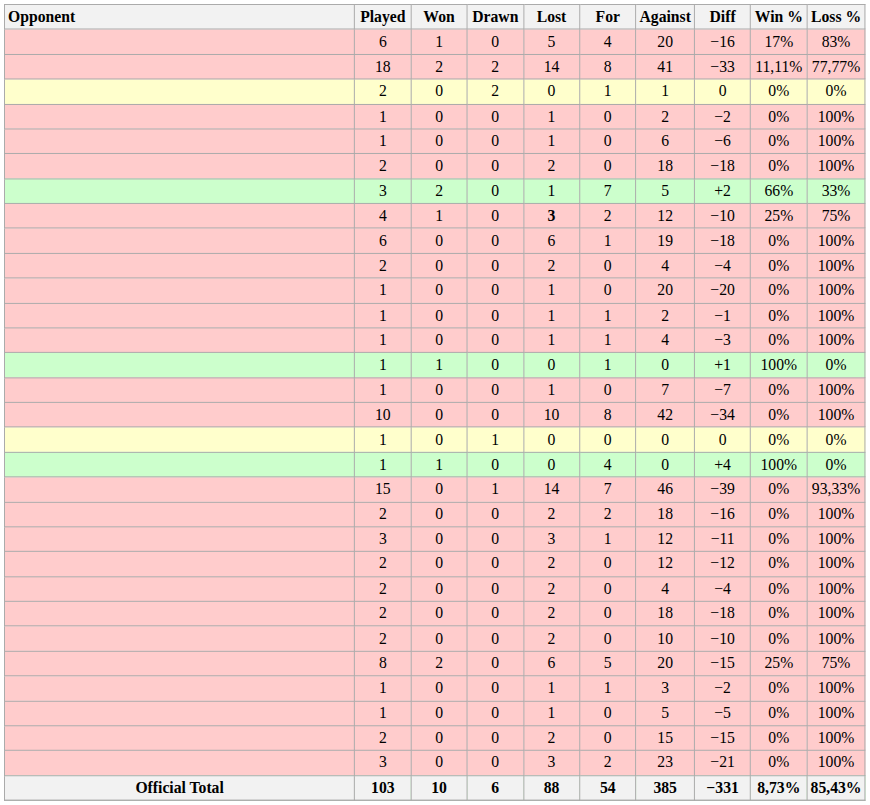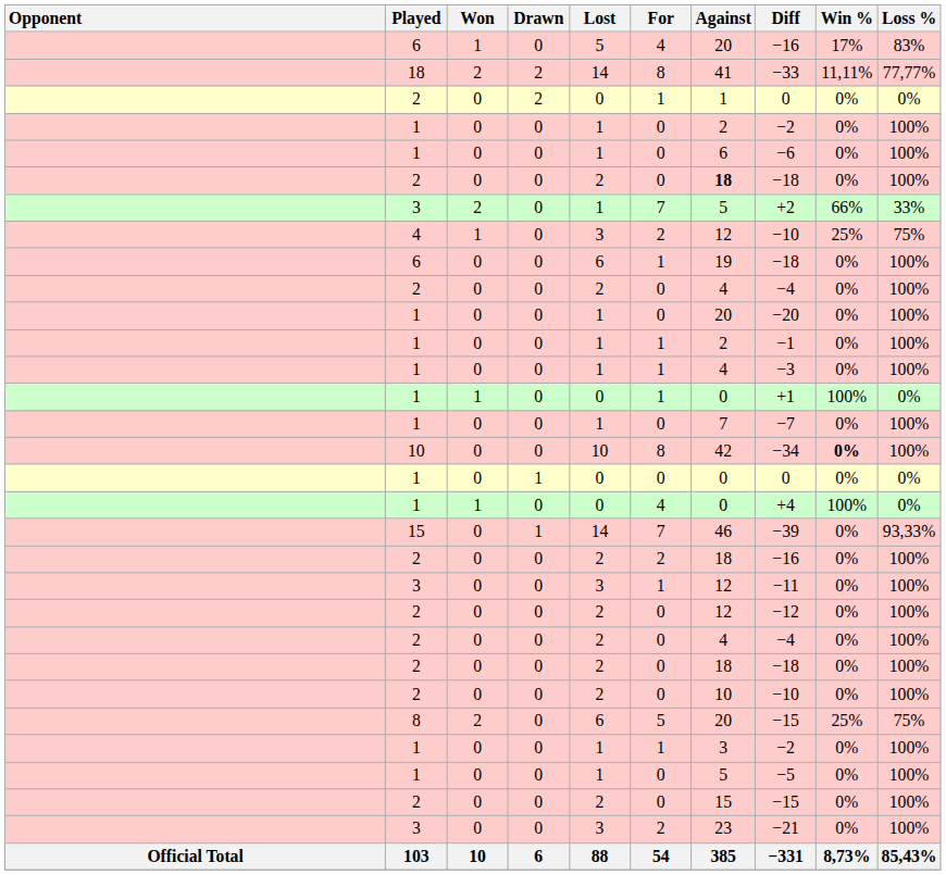 <table class="wikitable sortable" style="text-align:center;">
 <tr>
 <th style="width:350px; text-align:left;">Opponent</th>
 <th style="width:50px;">Played</th>
 <th style="width:50px;">Won</th>
 <th style="width:50px;">Drawn</th>
 <th style="width:50px;">Lost</th>
 <th style="width:50px;">For</th>
 <th style="width:50px;">Against</th>
 <th style="width:50px;">Diff</th>
 <th style="width:50px;">Win %</th>
 <th style="width:50px;">Loss %</th>
 </tr>
 <tr style="background:#FFCCCC;">
 <td align=left></td>
 <td>6</td>
 <td>1</td>
 <td>0</td>
 <td>5</td>
 <td>4</td>
 <td>20</td>
 <td>−16</td>
 <td>17%</td>
 <td>83%</td>
 </tr>
 <tr style="background:#FFCCCC;">
 <td align=left></td>
 <td>18</td>
 <td>2</td>
 <td>2</td>
 <td>14</td>
 <td>8</td>
 <td>41</td>
 <td>−33</td>
 <td>11,11%</td>
 <td>77,77%</td>
 </tr>
 <tr bgcolor=#FFFFCC>
 <td align=left></td>
 <td>2</td>
 <td>0</td>
 <td>2</td>
 <td>0</td>
 <td>1</td>
 <td>1</td>
 <td>0</td>
 <td>0%</td>
 <td>0%</td>
 </tr>
 <tr style="background:#FFCCCC;">
 <td align=left></td>
 <td>1</td>
 <td>0</td>
 <td>0</td>
 <td>1</td>
 <td>0</td>
 <td>2</td>
 <td>−2</td>
 <td>0%</td>
 <td>100%</td>
 </tr>
 <tr style="background:#FFCCCC;">
 <td align=left></td>
 <td>1</td>
 <td>0</td>
 <td>0</td>
 <td>1</td>
 <td>0</td>
 <td>6</td>
 <td>−6</td>
 <td>0%</td>
 <td>100%</td>
 </tr>
 <tr style="background:#FFCCCC;">
 <td align=left></td>
 <td>2</td>
 <td>0</td>
 <td>0</td>
 <td>2</td>
 <td>0</td>
-<td>18</td>
+<td><strong>18</strong></td>
 <td>−18</td>
 <td>0%</td>
 <td>100%</td>
 </tr>
 <tr bgcolor=#CCFFCC>
 <td align=left></td>
 <td>3</td>
 <td>2</td>
 <td>0</td>
 <td>1</td>
 <td>7</td>
 <td>5</td>
 <td>+2</td>
 <td>66%</td>
 <td>33%</td>
 </tr>
 <tr style="background:#FFCCCC;">
 <td align=left></td>
 <td>4</td>
 <td>1</td>
 <td>0</td>
-<td><strong>3</strong></td>
+<td>3</td>
 <td>2</td>
 <td>12</td>
 <td>−10</td>
 <td>25%</td>
 <td>75%</td>
 </tr>
 <tr style="background:#FFCCCC;">
 <td align=left></td>
 <td>6</td>
 <td>0</td>
 <td>0</td>
 <td>6</td>
 <td>1</td>
 <td>19</td>
 <td>−18</td>
 <td>0%</td>
 <td>100%</td>
 </tr>
 <tr style="background:#FFCCCC;">
 <td align=left></td>
 <td>2</td>
 <td>0</td>
 <td>0</td>
 <td>2</td>
 <td>0</td>
 <td>4</td>
 <td>−4</td>
 <td>0%</td>
 <td>100%</td>
 </tr>
 <tr style="background:#FFCCCC;">
 <td align=left></td>
 <td>1</td>
 <td>0</td>
 <td>0</td>
 <td>1</td>
 <td>0</td>
 <td>20</td>
 <td>−20</td>
 <td>0%</td>
 <td>100%</td>
 </tr>
 <tr style="background:#FFCCCC;">
 <td align=left></td>
 <td>1</td>
 <td>0</td>
 <td>0</td>
 <td>1</td>
 <td>1</td>
 <td>2</td>
 <td>−1</td>
 <td>0%</td>
 <td>100%</td>
 </tr>
 <tr style="background:#FFCCCC;">
 <td align=left></td>
 <td>1</td>
 <td>0</td>
 <td>0</td>
 <td>1</td>
 <td>1</td>
 <td>4</td>
 <td>−3</td>
 <td>0%</td>
 <td>100%</td>
 </tr>
 <tr bgcolor=#CCFFCC>
 <td align=left></td>
 <td>1</td>
 <td>1</td>
 <td>0</td>
 <td>0</td>
 <td>1</td>
 <td>0</td>
 <td>+1</td>
 <td>100%</td>
 <td>0%</td>
 </tr>
 <tr style="background:#FFCCCC;">
 <td align=left></td>
 <td>1</td>
 <td>0</td>
 <td>0</td>
 <td>1</td>
 <td>0</td>
 <td>7</td>
 <td>−7</td>
 <td>0%</td>
 <td>100%</td>
 </tr>
 <tr style="background:#FFCCCC;">
 <td align=left></td>
 <td>10</td>
 <td>0</td>
 <td>0</td>
 <td>10</td>
 <td>8</td>
 <td>42</td>
 <td>−34</td>
-<td>0%</td>
+<td><strong>0%</strong></td>
 <td>100%</td>
 </tr>
 <tr bgcolor=#FFFFCC>
 <td align=left></td>
 <td>1</td>
 <td>0</td>
 <td>1</td>
 <td>0</td>
 <td>0</td>
 <td>0</td>
 <td>0</td>
 <td>0%</td>
 <td>0%</td>
 </tr>
 <tr bgcolor=#CCFFCC>
 <td align=left></td>
 <td>1</td>
 <td>1</td>
 <td>0</td>
 <td>0</td>
 <td>4</td>
 <td>0</td>
 <td>+4</td>
 <td>100%</td>
 <td>0%</td>
 </tr>
 <tr style="background:#FFCCCC;">
 <td align=left></td>
 <td>15</td>
 <td>0</td>
 <td>1</td>
 <td>14</td>
 <td>7</td>
 <td>46</td>
 <td>−39</td>
 <td>0%</td>
 <td>93,33%</td>
 </tr>
 <tr style="background:#FFCCCC;">
 <td align=left></td>
 <td>2</td>
 <td>0</td>
 <td>0</td>
 <td>2</td>
 <td>2</td>
 <td>18</td>
 <td>−16</td>
 <td>0%</td>
 <td>100%</td>
 </tr>
 <tr style="background:#FFCCCC;">
 <td align=left></td>
 <td>3</td>
 <td>0</td>
 <td>0</td>
 <td>3</td>
 <td>1</td>
 <td>12</td>
 <td>−11</td>
 <td>0%</td>
 <td>100%</td>
 </tr>
 <tr style="background:#FFCCCC;">
 <td align=left></td>
 <td>2</td>
 <td>0</td>
 <td>0</td>
 <td>2</td>
 <td>0</td>
 <td>12</td>
 <td>−12</td>
 <td>0%</td>
 <td>100%</td>
 </tr>
 <tr style="background:#FFCCCC;">
 <td align=left></td>
 <td>2</td>
 <td>0</td>
 <td>0</td>
 <td>2</td>
 <td>0</td>
 <td>4</td>
 <td>−4</td>
 <td>0%</td>
 <td>100%</td>
 </tr>
 <tr style="background:#FFCCCC;">
 <td align=left></td>
 <td>2</td>
 <td>0</td>
 <td>0</td>
 <td>2</td>
 <td>0</td>
 <td>18</td>
 <td>−18</td>
 <td>0%</td>
 <td>100%</td>
 </tr>
 <tr style="background:#FFCCCC;">
 <td align=left></td>
 <td>2</td>
 <td>0</td>
 <td>0</td>
 <td>2</td>
 <td>0</td>
 <td>10</td>
 <td>−10</td>
 <td>0%</td>
 <td>100%</td>
 </tr>
 <tr style="background:#FFCCCC;">
 <td align=left></td>
 <td>8</td>
 <td>2</td>
 <td>0</td>
 <td>6</td>
 <td>5</td>
 <td>20</td>
 <td>−15</td>
 <td>25%</td>
 <td>75%</td>
 </tr>
 <tr style="background:#FFCCCC;">
 <td align=left></td>
 <td>1</td>
 <td>0</td>
 <td>0</td>
 <td>1</td>
 <td>1</td>
 <td>3</td>
 <td>−2</td>
 <td>0%</td>
 <td>100%</td>
 </tr>
 <tr style="background:#FFCCCC;">
 <td align=left></td>
 <td>1</td>
 <td>0</td>
 <td>0</td>
 <td>1</td>
 <td>0</td>
 <td>5</td>
 <td>−5</td>
 <td>0%</td>
 <td>100%</td>
 </tr>
 <tr style="background:#FFCCCC;">
 <td align=left></td>
 <td>2</td>
 <td>0</td>
 <td>0</td>
 <td>2</td>
 <td>0</td>
 <td>15</td>
 <td>−15</td>
 <td>0%</td>
 <td>100%</td>
 </tr>
 <tr style="background:#FFCCCC;">
 <td align=left></td>
 <td>3</td>
 <td>0</td>
 <td>0</td>
 <td>3</td>
 <td>2</td>
 <td>23</td>
 <td>−21</td>
 <td>0%</td>
 <td>100%</td>
 </tr>
 <tr style="background:#98FB98">
 <th>Official Total</th>
 <th>103</th>
 <th>10</th>
 <th>6</th>
 <th>88</th>
 <th>54</th>
 <th>385</th>
 <th>−331</th>
 <th>8,73%</th>
 <th>85,43%</th>
 </tr>
 <tr>
 </tr>
 </table>
